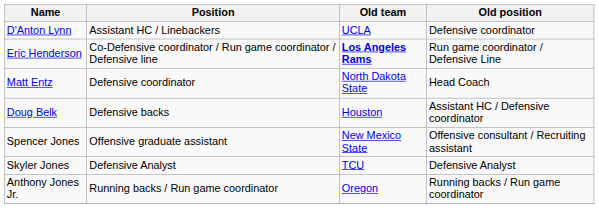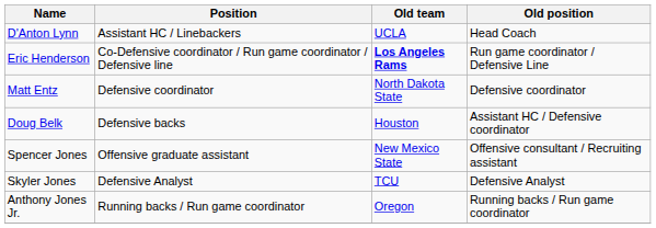 <table class="wikitable">
 <tr>
 <th style="text-align:center; ">Name</th>
 <th style="text-align:center; ">Position</th>
 <th style="text-align:center; ">Old team</th>
 <th style="text-align:center; ">Old position</th>
 </tr>
 <tr>
 <td><a href='#'>D'Anton Lynn</a></td>
 <td>Assistant HC / Linebackers</td>
 <td><a href='#'>UCLA</a></td>
-<td>Defensive coordinator</td>
+<td>Head Coach</td>
 </tr>
 <tr>
 <td><a href='#'>Eric Henderson</a></td>
 <td>Co-Defensive coordinator / Run game coordinator / Defensive line</td>
 <td><strong><a href='#'>Los Angeles Rams</a></strong></td>
 <td>Run game coordinator / Defensive Line</td>
 </tr>
 <tr>
 <td><a href='#'>Matt Entz</a></td>
 <td>Defensive coordinator</td>
 <td><a href='#'>North Dakota State</a></td>
-<td>Head Coach</td>
+<td>Defensive coordinator</td>
 </tr>
 <tr>
 <td><a href='#'>Doug Belk</a></td>
 <td>Defensive backs</td>
 <td><a href='#'>Houston</a></td>
 <td>Assistant HC / Defensive coordinator</td>
 </tr>
 <tr>
 <td>Spencer Jones</td>
 <td>Offensive graduate assistant</td>
 <td><a href='#'>New Mexico State</a></td>
 <td>Offensive consultant / Recruiting assistant</td>
 </tr>
 <tr>
 <td>Skyler Jones</td>
 <td>Defensive Analyst</td>
 <td><a href='#'>TCU</a></td>
 <td>Defensive Analyst</td>
 </tr>
 <tr>
 <td>Anthony Jones Jr.</td>
 <td>Running backs / Run game coordinator</td>
 <td><a href='#'>Oregon</a></td>
 <td>Running backs / Run game coordinator</td>
 </tr>
 <tr>
 </tr>
 </table>
